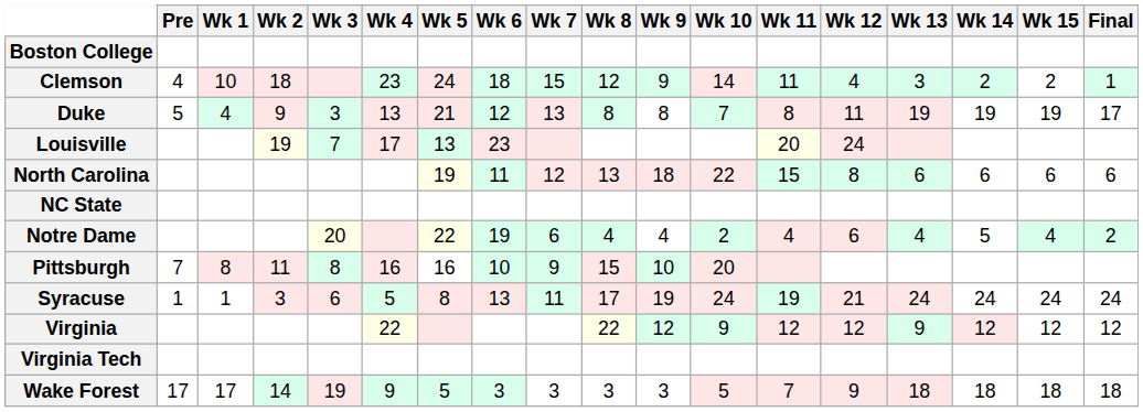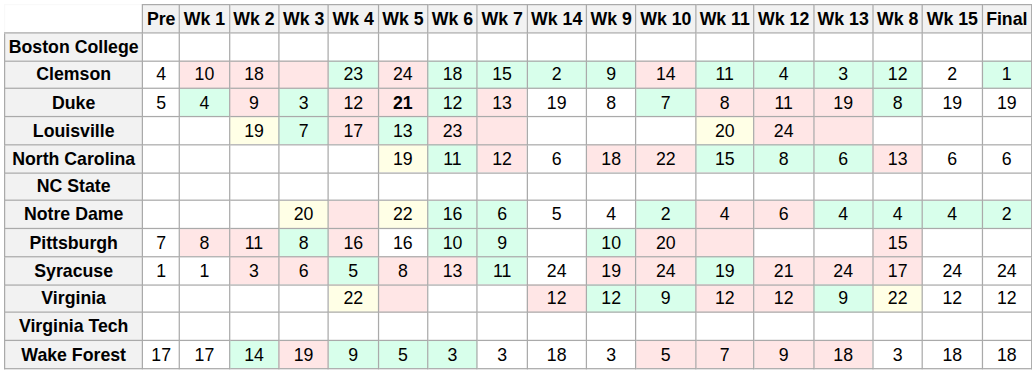 <table class="wikitable" style="white-space:nowrap;font-size:90%;">
 <tr>
 <th colspan=1 style="background:white; border-top-style:hidden; border-left-style:hidden;"> </th>
 <th>Pre <br></th>
 <th>Wk 1 <br></th>
 <th>Wk 2 <br></th>
 <th>Wk 3 <br></th>
 <th>Wk 4 <br></th>
 <th>Wk 5 <br></th>
 <th>Wk 6 <br></th>
 <th>Wk 7 <br></th>
-<th>Wk 8 <br></th>
+<th>Wk 14<br></th>
 <th>Wk 9 <br></th>
 <th>Wk 10<br></th>
 <th>Wk 11<br></th>
 <th>Wk 12<br></th>
 <th>Wk 13<br></th>
-<th>Wk 14<br></th>
+<th>Wk 8 <br></th>
 <th>Wk 15<br></th>
 <th>Final <br></th>
 </tr>
 <tr style="text-align:center;">
 <th>Boston College</th>
 <td style="background:#FFF;"></td>
 <td style="background:#FFF;"></td>
 <td style="background:#FFF;"></td>
 <td style="background:#FFF;"></td>
 <td style="background:#FFF;"></td>
 <td style="background:#FFF;"></td>
 <td style="background:#FFF;"></td>
 <td style="background:#FFF;"></td>
 <td style="background:#FFF;"></td>
 <td style="background:#FFF;"></td>
 <td style="background:#FFF;"></td>
 <td style="background:#FFF;"></td>
 <td style="background:#FFF;"></td>
 <td style="background:#FFF;"></td>
 <td style="background:#FFF;"></td>
 <td style="background:#FFF;"></td>
 <td style="background:#FFF;"></td>
 </tr>
 <tr style="text-align:center;">
 <th>Clemson</th>
 <td style="background:#FFF;"> 4</td>
 <td style="background:#FFE6E6;"> 10</td>
 <td style="background:#FFE6E6;"> 18</td>
 <td style="background:#FFE6E6;"></td>
 <td style="background:#D8FFEB;"> 23</td>
 <td style="background:#FFE6E6;"> 24</td>
 <td style="background:#D8FFEB;"> 18</td>
 <td style="background:#D8FFEB;"> 15</td>
-<td style="background:#D8FFEB;"> 12</td>
+<td style="background:#D8FFEB;"> 2</td>
 <td style="background:#D8FFEB;"> 9</td>
 <td style="background:#FFE6E6;"> 14</td>
 <td style="background:#D8FFEB;"> 11</td>
 <td style="background:#D8FFEB;"> 4</td>
 <td style="background:#D8FFEB;"> 3</td>
-<td style="background:#D8FFEB;"> 2</td>
+<td style="background:#D8FFEB;"> 12</td>
 <td style="background:#FFF;"> 2</td>
 <td style="background:#D8FFEB;"> 1</td>
 </tr>
 <tr style="text-align:center;">
 <th>Duke</th>
 <td style="background:#FFF;"> 5</td>
 <td style="background:#D8FFEB;"> 4</td>
 <td style="background:#FFE6E6;"> 9</td>
 <td style="background:#D8FFEB;"> 3</td>
-<td style="background:#FFE6E6;"> 13</td>
-<td style="background:#FFE6E6;"> 21</td>
+<td style="background:#FFE6E6;"> 12</td>
+<td style="background:#FFE6E6;"><strong> 21</strong></td>
 <td style="background:#D8FFEB;"> 12</td>
 <td style="background:#FFE6E6;"> 13</td>
-<td style="background:#D8FFEB;"> 8</td>
+<td style="background:#FFF;"> 19</td>
 <td style="background:#FFF;"> 8</td>
 <td style="background:#D8FFEB;"> 7</td>
 <td style="background:#FFE6E6;"> 8</td>
 <td style="background:#FFE6E6;"> 11</td>
 <td style="background:#FFE6E6;"> 19</td>
+<td style="background:#D8FFEB;"> 8</td>
 <td style="background:#FFF;"> 19</td>
 <td style="background:#FFF;"> 19</td>
-<td style="background:#FFF;"> 17</td>
 </tr>
 <tr style="text-align:center;">
 <th>Louisville</th>
 <td style="background:#FFF;"></td>
 <td style="background:#FFF;"></td>
 <td style="background:#FFFFE6;"> 19</td>
 <td style="background:#D8FFEB;"> 7</td>
 <td style="background:#FFE6E6;"> 17</td>
 <td style="background:#D8FFEB;"> 13</td>
 <td style="background:#FFE6E6;"> 23</td>
 <td style="background:#FFE6E6;"></td>
 <td style="background:#FFF;"></td>
 <td style="background:#FFF;"></td>
 <td style="background:#FFF;"></td>
 <td style="background:#FFFFE6;"> 20</td>
 <td style="background:#FFE6E6;"> 24</td>
 <td style="background:#FFE6E6;"></td>
 <td style="background:#FFF;"></td>
 <td style="background:#FFF;"></td>
 <td style="background:#FFF;"></td>
 </tr>
 <tr style="text-align:center;">
 <th>North Carolina</th>
 <td style="background:#FFF;"></td>
 <td style="background:#FFF;"></td>
 <td style="background:#FFF;"></td>
 <td style="background:#FFF;"></td>
 <td style="background:#FFF;"></td>
 <td style="background:#FFFFE6;"> 19</td>
 <td style="background:#D8FFEB;"> 11</td>
 <td style="background:#FFE6E6;"> 12</td>
-<td style="background:#FFE6E6;"> 13</td>
+<td style="background:#FFF;"> 6</td>
 <td style="background:#FFE6E6;"> 18</td>
 <td style="background:#FFE6E6;"> 22</td>
 <td style="background:#D8FFEB;"> 15</td>
 <td style="background:#D8FFEB;"> 8</td>
 <td style="background:#D8FFEB;"> 6</td>
-<td style="background:#FFF;"> 6</td>
+<td style="background:#FFE6E6;"> 13</td>
 <td style="background:#FFF;"> 6</td>
 <td style="background:#FFF;"> 6</td>
 </tr>
 <tr style="text-align:center;">
 <th>NC State</th>
 <td style="background:#FFF;"></td>
 <td style="background:#FFF;"></td>
 <td style="background:#FFF;"></td>
 <td style="background:#FFF;"></td>
 <td style="background:#FFF;"></td>
 <td style="background:#FFF;"></td>
 <td style="background:#FFF;"></td>
 <td style="background:#FFF;"></td>
 <td style="background:#FFF;"></td>
 <td style="background:#FFF;"></td>
 <td style="background:#FFF;"></td>
 <td style="background:#FFF;"></td>
 <td style="background:#FFF;"></td>
 <td style="background:#FFF;"></td>
 <td style="background:#FFF;"></td>
 <td style="background:#FFF;"></td>
 <td style="background:#FFF;"></td>
 </tr>
 <tr style="text-align:center;">
 <th>Notre Dame</th>
 <td style="background:#FFF;"></td>
 <td style="background:#FFF;"></td>
 <td style="background:#FFF;"></td>
 <td style="background:#FFFFE6;"> 20</td>
 <td style="background:#FFE6E6;"></td>
 <td style="background:#FFFFE6;"> 22</td>
-<td style="background:#D8FFEB;"> 19</td>
+<td style="background:#D8FFEB;"> 16</td>
 <td style="background:#D8FFEB;"> 6</td>
-<td style="background:#D8FFEB;"> 4</td>
+<td style="background:#FFF;"> 5</td>
 <td style="background:#FFF;"> 4</td>
 <td style="background:#D8FFEB;"> 2</td>
 <td style="background:#FFE6E6;"> 4</td>
 <td style="background:#FFE6E6;"> 6</td>
 <td style="background:#D8FFEB;"> 4</td>
-<td style="background:#FFF;"> 5</td>
+<td style="background:#D8FFEB;"> 4</td>
 <td style="background:#D8FFEB;"> 4</td>
 <td style="background:#D8FFEB;"> 2</td>
 </tr>
 <tr style="text-align:center;">
 <th>Pittsburgh</th>
 <td style="background:#FFF;"> 7</td>
 <td style="background:#FFE6E6;"> 8</td>
 <td style="background:#FFE6E6;"> 11</td>
 <td style="background:#D8FFEB;"> 8</td>
 <td style="background:#FFE6E6;"> 16</td>
 <td style="background:#FFF;"> 16</td>
 <td style="background:#D8FFEB;"> 10</td>
 <td style="background:#D8FFEB;"> 9</td>
-<td style="background:#FFE6E6;"> 15</td>
+<td style="background:#FFF;"></td>
 <td style="background:#D8FFEB;"> 10</td>
 <td style="background:#FFE6E6;"> 20</td>
 <td style="background:#FFE6E6;"></td>
 <td style="background:#FFF;"></td>
 <td style="background:#FFF;"></td>
-<td style="background:#FFF;"></td>
+<td style="background:#FFE6E6;"> 15</td>
 <td style="background:#FFF;"></td>
 <td style="background:#FFF;"></td>
 </tr>
 <tr style="text-align:center;">
 <th>Syracuse</th>
 <td style="background:#FFF;"> 1</td>
 <td style="background:#FFF;"> 1</td>
 <td style="background:#FFE6E6;"> 3</td>
 <td style="background:#FFE6E6;"> 6</td>
 <td style="background:#D8FFEB;"> 5</td>
 <td style="background:#FFE6E6;"> 8</td>
 <td style="background:#FFE6E6;"> 13</td>
 <td style="background:#D8FFEB;"> 11</td>
-<td style="background:#FFE6E6;"> 17</td>
+<td style="background:#FFF;"> 24</td>
 <td style="background:#FFE6E6;"> 19</td>
 <td style="background:#FFE6E6;"> 24</td>
 <td style="background:#D8FFEB;"> 19</td>
 <td style="background:#FFE6E6;"> 21</td>
 <td style="background:#FFE6E6;"> 24</td>
-<td style="background:#FFF;"> 24</td>
+<td style="background:#FFE6E6;"> 17</td>
 <td style="background:#FFF;"> 24</td>
 <td style="background:#FFF;"> 24</td>
 </tr>
 <tr style="text-align:center;">
 <th>Virginia</th>
 <td style="background:#FFF;"></td>
 <td style="background:#FFF;"></td>
 <td style="background:#FFF;"></td>
 <td style="background:#FFF;"></td>
 <td style="background:#FFFFE6;"> 22</td>
 <td style="background:#FFE6E6;"></td>
 <td style="background:#FFF;"></td>
 <td style="background:#FFF;"></td>
-<td style="background:#FFFFE6;"> 22</td>
+<td style="background:#FFE6E6;"> 12</td>
 <td style="background:#D8FFEB;"> 12</td>
 <td style="background:#D8FFEB;"> 9</td>
 <td style="background:#FFE6E6;"> 12</td>
 <td style="background:#FFE6E6;"> 12</td>
 <td style="background:#D8FFEB;"> 9</td>
-<td style="background:#FFE6E6;"> 12</td>
+<td style="background:#FFFFE6;"> 22</td>
 <td style="background:#FFF;"> 12</td>
 <td style="background:#FFF;"> 12</td>
 </tr>
 <tr style="text-align:center;">
 <th>Virginia Tech</th>
 <td style="background:#FFF;"></td>
 <td style="background:#FFF;"></td>
 <td style="background:#FFF;"></td>
 <td style="background:#FFF;"></td>
 <td style="background:#FFF;"></td>
 <td style="background:#FFF;"></td>
 <td style="background:#FFF;"></td>
 <td style="background:#FFF;"></td>
 <td style="background:#FFF;"></td>
 <td style="background:#FFF;"></td>
 <td style="background:#FFF;"></td>
 <td style="background:#FFF;"></td>
 <td style="background:#FFF;"></td>
 <td style="background:#FFF;"></td>
 <td style="background:#FFF;"></td>
 <td style="background:#FFF;"></td>
 <td style="background:#FFF;"></td>
 </tr>
 <tr style="text-align:center;">
 <th>Wake Forest</th>
 <td style="background:#FFF;"> 17</td>
 <td style="background:#FFF;"> 17</td>
 <td style="background:#D8FFEB;"> 14</td>
 <td style="background:#FFE6E6;"> 19</td>
 <td style="background:#D8FFEB;"> 9</td>
 <td style="background:#D8FFEB;"> 5</td>
 <td style="background:#D8FFEB;"> 3</td>
 <td style="background:#FFF;"> 3</td>
-<td style="background:#FFF;"> 3</td>
+<td style="background:#FFF;"> 18</td>
 <td style="background:#FFF;"> 3</td>
 <td style="background:#FFE6E6;"> 5</td>
 <td style="background:#FFE6E6;"> 7</td>
 <td style="background:#FFE6E6;"> 9</td>
 <td style="background:#FFE6E6;"> 18</td>
-<td style="background:#FFF;"> 18</td>
+<td style="background:#FFF;"> 3</td>
 <td style="background:#FFF;"> 18</td>
 <td style="background:#FFF;"> 18</td>
 </tr>
 </table>
